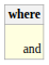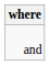 <table class="wikitable collapsible collapsed">
 <tr>
 <th>where</th>
 </tr>
 <tr>
-<td style="background: lightyellow;"><br>  and<br></td>
+<td><br>  and<br></td>
 </tr>
 </table>
